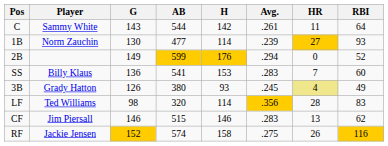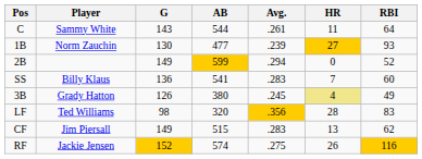 <table class="wikitable sortable">
 <tr>
 <th bgcolor="#DDDDFF" width="5%">Pos</th>
 <th bgcolor="#DDDDFF" width="16%">Player</th>
 <th bgcolor="#DDDDFF" width="9%">G</th>
 <th bgcolor="#DDDDFF" width="9%">AB</th>
-<th bgcolor="#DDDDFF" width="9%">H</th>
 <th bgcolor="#DDDDFF" width="9%">Avg.</th>
 <th bgcolor="#DDDDFF" width="9%">HR</th>
 <th bgcolor="#DDDDFF" width="9%">RBI</th>
 </tr>
 <tr align="center">
 <td>C</td>
 <td><a href='#'>Sammy White</a></td>
 <td>143</td>
 <td>544</td>
-<td>142</td>
 <td>.261</td>
 <td>11</td>
 <td>64</td>
 </tr>
 <tr align="center">
 <td>1B</td>
 <td><a href='#'>Norm Zauchin</a></td>
 <td>130</td>
 <td>477</td>
-<td>114</td>
 <td>.239</td>
 <td style="background:#fc0;">27</td>
 <td>93</td>
 </tr>
 <tr align="center">
 <td>2B</td>
 <td></td>
 <td>149</td>
 <td style="background:#fc0;">599</td>
-<td style="background:#fc0;">176</td>
 <td>.294</td>
 <td>0</td>
 <td>52</td>
 </tr>
 <tr align="center">
 <td>SS</td>
 <td><a href='#'>Billy Klaus</a></td>
 <td>136</td>
 <td>541</td>
-<td>153</td>
 <td>.283</td>
 <td>7</td>
 <td>60</td>
 </tr>
 <tr align="center">
 <td>3B</td>
 <td><a href='#'>Grady Hatton</a></td>
 <td>126</td>
 <td>380</td>
-<td>93</td>
 <td>.245</td>
 <td style="background: khaki;">4</td>
 <td>49</td>
 </tr>
 <tr align="center">
 <td>LF</td>
 <td><a href='#'>Ted Williams</a></td>
 <td>98</td>
 <td>320</td>
-<td>114</td>
 <td style="background:#fc0;">.356</td>
 <td>28</td>
 <td>83</td>
 </tr>
 <tr align="center">
 <td>CF</td>
 <td><a href='#'>Jim Piersall</a></td>
-<td>146</td>
+<td>149</td>
 <td>515</td>
-<td>146</td>
 <td>.283</td>
 <td>13</td>
 <td>62</td>
 </tr>
 <tr align="center">
 <td>RF</td>
 <td><a href='#'>Jackie Jensen</a></td>
 <td style="background:#fc0;">152</td>
 <td>574</td>
-<td>158</td>
 <td>.275</td>
 <td>26</td>
 <td style="background:#fc0;">116</td>
 </tr>
 </table>
